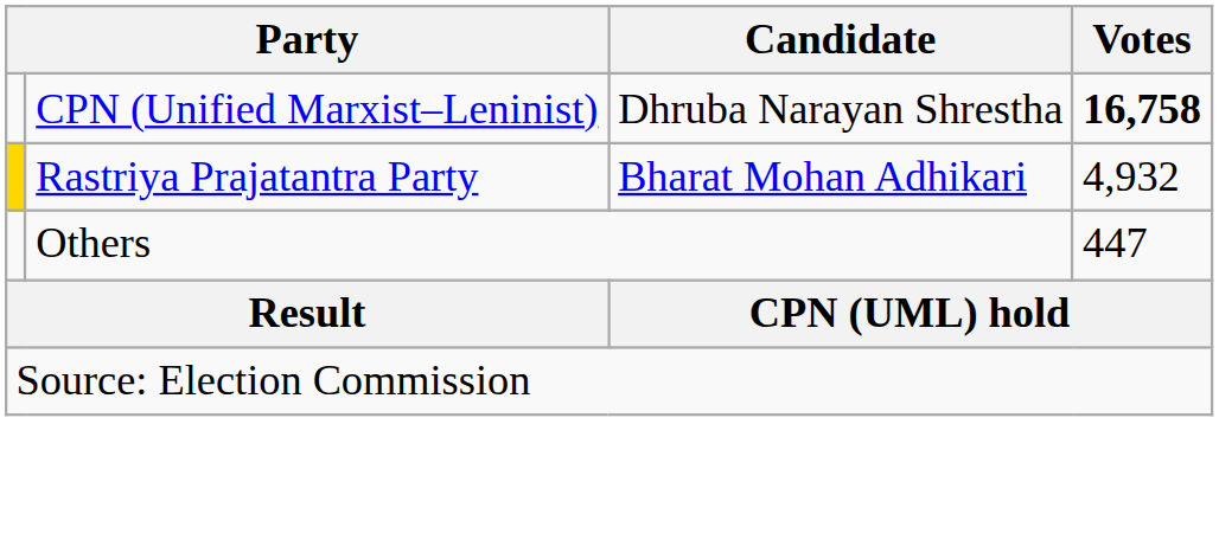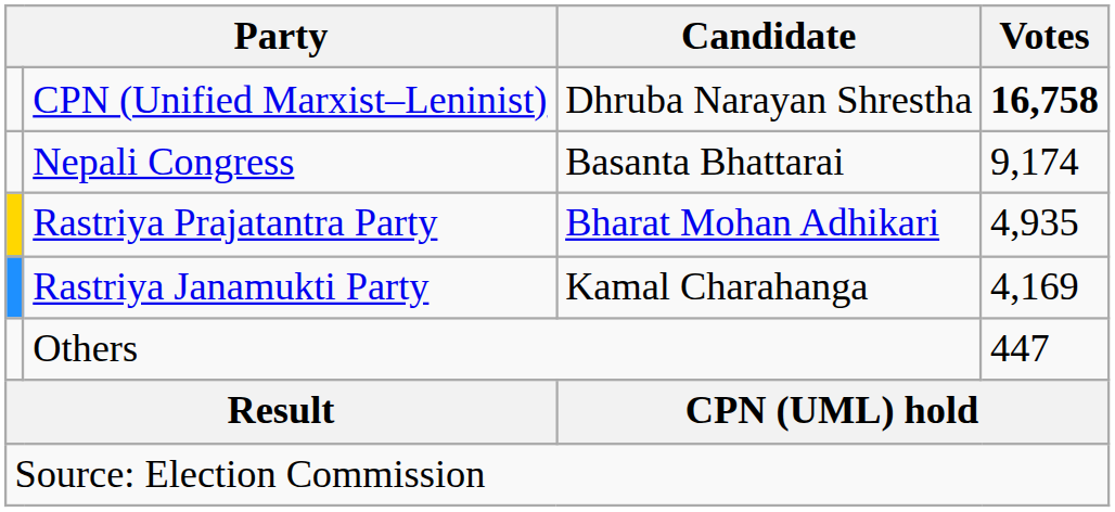 <table class="wikitable">
 <tr>
 <th colspan="2">Party</th>
 <th>Candidate</th>
 <th>Votes</th>
 </tr>
 <tr>
 <td style="background-color:"></td>
 <td><a href='#'>CPN (Unified Marxist–Leninist)</a></td>
 <td>Dhruba Narayan Shrestha</td>
 <td><strong>16,758</strong></td>
 </tr>
 <tr>
+<td style="background-color:"></td>
+<td><a href='#'>Nepali Congress</a></td>
+<td>Basanta Bhattarai</td>
+<td>9,174</td>
+</tr>
+<tr>
 <td style="background-color:gold"></td>
 <td><a href='#'>Rastriya Prajatantra Party</a></td>
 <td><a href='#'>Bharat Mohan Adhikari</a></td>
-<td>4,932</td>
+<td>4,935</td>
+</tr>
+<tr>
+<td style="background-color:dodgerblue"></td>
+<td><a href='#'>Rastriya Janamukti Party</a></td>
+<td>Kamal Charahanga</td>
+<td>4,169</td>
 </tr>
 <tr>
 <td></td>
 <td colspan="2">Others</td>
 <td>447</td>
 </tr>
 <tr>
 <th colspan="2">Result</th>
 <th colspan="2">CPN (UML) hold</th>
 </tr>
 <tr>
 <td colspan="4">Source: Election Commission</td>
 </tr>
 </table>
